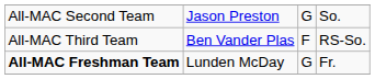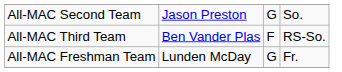 <table class="wikitable" border="1">
 <tr align=center>
 </tr>
 <tr>
 <td>All-MAC Second Team</td>
 <td><a href='#'>Jason Preston</a></td>
 <td>G</td>
 <td>So.</td>
 </tr>
 <tr>
 <td>All-MAC Third Team</td>
 <td><a href='#'>Ben Vander Plas</a></td>
 <td>F</td>
 <td>RS-So.</td>
 </tr>
 <tr>
-<td><strong>All-MAC Freshman Team</strong></td>
+<td>All-MAC Freshman Team</td>
 <td>Lunden McDay</td>
 <td>G</td>
 <td>Fr.</td>
 </tr>
 <tr>
 </tr>
 </table>
